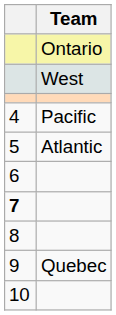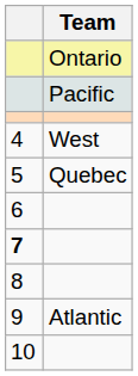 <table class="wikitable">
 <tr>
 <th width=20></th>
 <th>Team</th>
 </tr>
 <tr style="background:#F7F6A8;">
 <td align="center"></td>
 <td> Ontario</td>
 </tr>
 <tr style="background:#DCE5E5;">
 <td align="center"></td>
-<td> West</td>
+<td> Pacific</td>
 </tr>
 <tr style="background:#FFDAB9;">
 <td align="center"></td>
 <td></td>
 </tr>
 <tr>
 <td>4</td>
-<td> Pacific</td>
+<td> West</td>
 </tr>
 <tr>
 <td>5</td>
-<td> Atlantic</td>
+<td> Quebec</td>
 </tr>
 <tr>
 <td>6</td>
 <td></td>
 </tr>
 <tr>
 <td><strong>7</strong></td>
 <td></td>
 </tr>
 <tr>
 <td>8</td>
 <td></td>
 </tr>
 <tr>
 <td>9</td>
-<td> Quebec</td>
+<td> Atlantic</td>
 </tr>
 <tr>
 <td>10</td>
 <td></td>
 </tr>
 </table>
